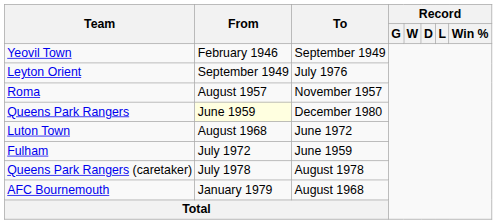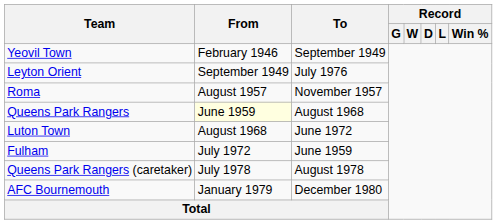 <table class="wikitable" style="text-align:center">
 <tr>
 <th rowspan=2>Team</th>
 <th rowspan=2>From</th>
 <th rowspan=2>To</th>
 <th colspan=8>Record</th>
 </tr>
 <tr>
 <th>G</th>
 <th>W</th>
 <th>D</th>
 <th>L</th>
 <th>Win %</th>
 </tr>
 <tr>
 <td align=left><a href='#'>Yeovil Town</a></td>
 <td align=left>February 1946</td>
 <td align-left>September 1949<br></td>
 </tr>
 <tr>
 <td align=left><a href='#'>Leyton Orient</a></td>
 <td align=left>September 1949</td>
 <td align=left>July 1976<br></td>
 </tr>
 <tr>
 <td align=left><a href='#'>Roma</a></td>
 <td align=left>August 1957</td>
 <td align=left>November 1957<br></td>
 </tr>
 <tr>
 <td align=left><a href='#'>Queens Park Rangers</a></td>
 <td align=left style="background: lightyellow;">June 1959</td>
-<td align=left>December 1980<br></td>
+<td align=left>August 1968<br></td>
 </tr>
 <tr>
 <td align=left><a href='#'>Luton Town</a></td>
 <td align=left>August 1968</td>
 <td align=left>June 1972<br></td>
 </tr>
 <tr>
 <td align=left><a href='#'>Fulham</a></td>
 <td align=left>July 1972</td>
 <td align=left>June 1959<br></td>
 </tr>
 <tr>
 <td align=left><a href='#'>Queens Park Rangers</a> (caretaker)</td>
 <td align=left>July 1978</td>
 <td align=left>August 1978<br></td>
 </tr>
 <tr>
 <td align=left><a href='#'>AFC Bournemouth</a></td>
 <td align=left>January 1979</td>
-<td align=left>August 1968<br></td>
+<td align=left>December 1980<br></td>
 </tr>
 <tr>
 <th colspan="3">Total<br></th>
 </tr>
 </table>
